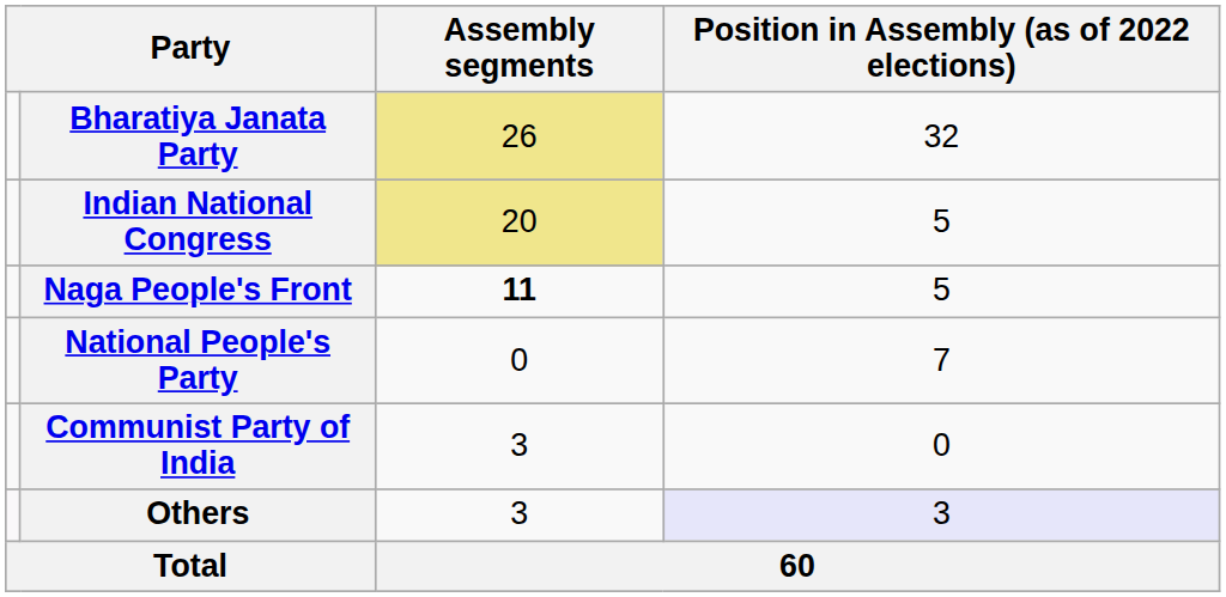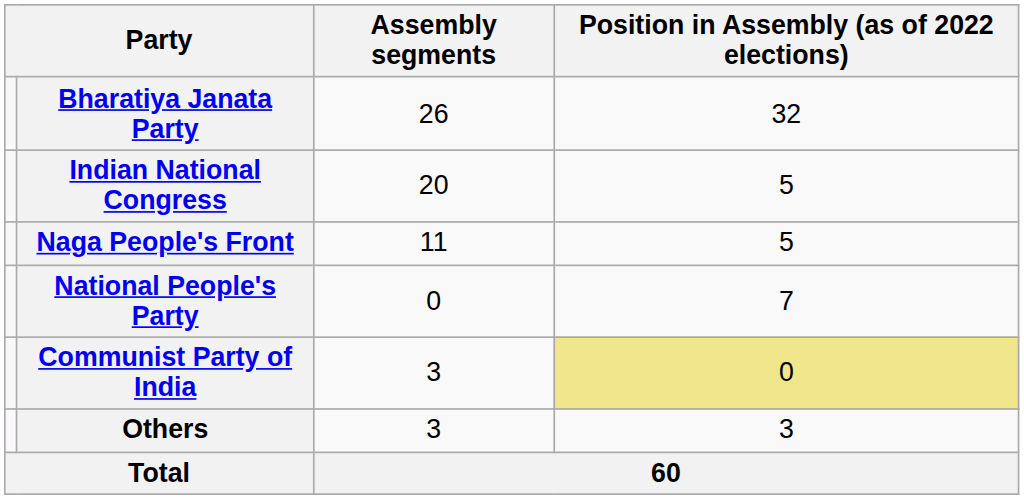 <table class="wikitable" style="text-align:center">
 <tr>
 <th colspan=2>Party</th>
 <th>Assembly segments</th>
 <th>Position in Assembly (as of 2022 elections)</th>
 </tr>
 <tr>
 <td></td>
 <th><a href='#'>Bharatiya Janata Party</a></th>
-<td style="background: khaki;">26</td>
+<td>26</td>
 <td>32</td>
 </tr>
 <tr>
 <td></td>
 <th><a href='#'>Indian National Congress</a></th>
-<td style="background: khaki;">20</td>
+<td>20</td>
 <td>5</td>
 </tr>
 <tr>
 <td></td>
 <th><a href='#'>Naga People's Front</a></th>
-<td><strong>11</strong></td>
+<td>11</td>
 <td>5</td>
 </tr>
 <tr>
 <td></td>
 <th><a href='#'>National People's Party</a></th>
 <td>0</td>
 <td>7</td>
 </tr>
 <tr>
 <td></td>
 <th><a href='#'>Communist Party of India</a></th>
 <td>3</td>
-<td>0</td>
+<td style="background: khaki;">0</td>
 </tr>
 <tr>
 <td bgcolor=#FAF8FA></td>
 <th>Others</th>
 <td>3</td>
-<td style="background: lavender;">3</td>
+<td>3</td>
 </tr>
 <tr>
 <th colspan=2>Total</th>
 <th colspan=2>60</th>
 </tr>
 </table>
